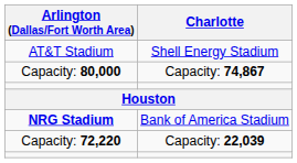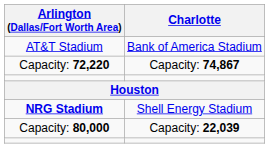 <table class="wikitable" style="text-align:center">
 <tr>
 <th><a href='#'>Arlington</a><br><small>(<a href='#'>Dallas/Fort Worth Area</a>)</small></th>
 <th><a href='#'>Charlotte</a></th>
 </tr>
 <tr>
 <td><a href='#'>AT&T Stadium</a></td>
-<td><a href='#'>Shell Energy Stadium</a></td>
+<td><a href='#'>Bank of America Stadium</a></td>
 </tr>
 <tr>
-<td>Capacity: <strong>80,000</strong></td>
+<td>Capacity: <strong>72,220</strong></td>
 <td>Capacity: <strong>74,867</strong></td>
 </tr>
 <tr>
 <td></td>
 <td></td>
 </tr>
 <tr>
 <th colspan=2><a href='#'>Houston</a></th>
 </tr>
 <tr>
 <td><strong><a href='#'>NRG Stadium</a></strong></td>
-<td><a href='#'>Bank of America Stadium</a></td>
+<td><a href='#'>Shell Energy Stadium</a></td>
 </tr>
 <tr>
-<td>Capacity: <strong>72,220</strong></td>
+<td>Capacity: <strong>80,000</strong></td>
 <td>Capacity: <strong>22,039</strong></td>
 </tr>
 <tr>
 <td></td>
 <td></td>
 </tr>
 </table>
